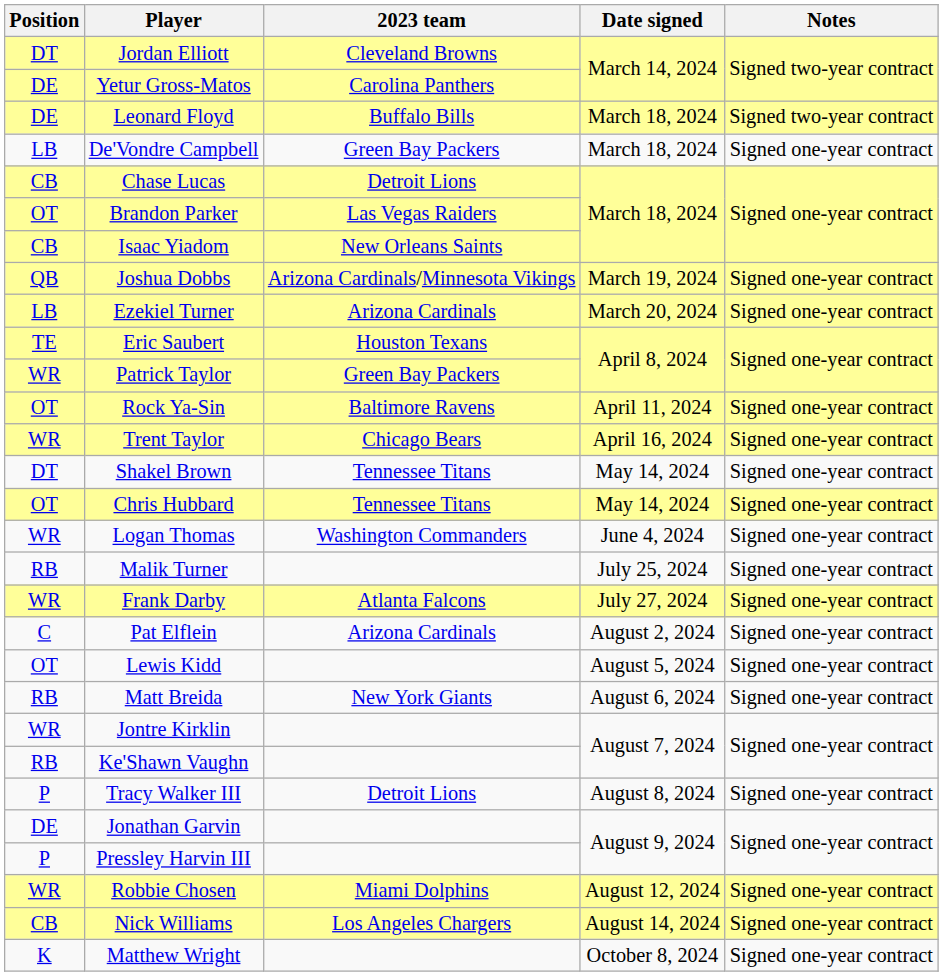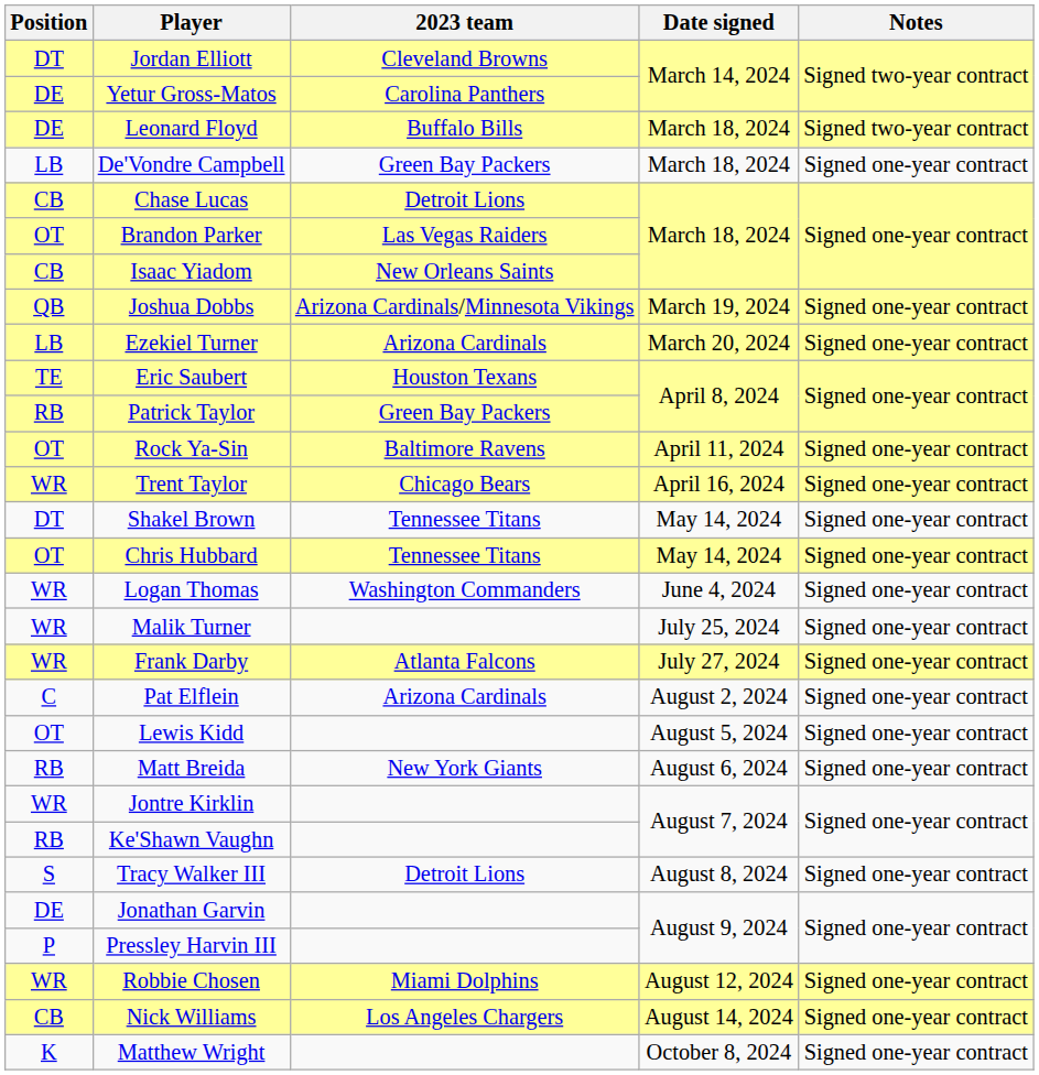 <table class="sortable wikitable" style="text-align:center">
 <tr>
 <th>Position</th>
 <th>Player</th>
 <th>2023 team</th>
 <th>Date signed</th>
 <th>Notes</th>
 </tr>
 <tr style="background:#ff9">
 <td><a href='#'>DT</a></td>
 <td><a href='#'>Jordan Elliott</a></td>
 <td><a href='#'>Cleveland Browns</a></td>
 <td rowspan="2">March 14, 2024</td>
 <td rowspan="2">Signed two-year contract</td>
 </tr>
 <tr style="background:#ff9">
 <td><a href='#'>DE</a></td>
 <td><a href='#'>Yetur Gross-Matos</a></td>
 <td><a href='#'>Carolina Panthers</a></td>
 </tr>
 <tr style="background:#ff9">
 <td><a href='#'>DE</a></td>
 <td><a href='#'>Leonard Floyd</a></td>
 <td><a href='#'>Buffalo Bills</a></td>
 <td>March 18, 2024</td>
 <td>Signed two-year contract</td>
 </tr>
 <tr style="background:#">
 <td><a href='#'>LB</a></td>
 <td><a href='#'>De'Vondre Campbell</a></td>
 <td><a href='#'>Green Bay Packers</a></td>
 <td>March 18, 2024</td>
 <td>Signed one-year contract</td>
 </tr>
 <tr style="background:#ff9">
 <td><a href='#'>CB</a></td>
 <td><a href='#'>Chase Lucas</a></td>
 <td><a href='#'>Detroit Lions</a></td>
 <td rowspan="3">March 18, 2024</td>
 <td rowspan="3">Signed one-year contract</td>
 </tr>
 <tr style="background:#ff9">
 <td><a href='#'>OT</a></td>
 <td><a href='#'>Brandon Parker</a></td>
 <td><a href='#'>Las Vegas Raiders</a></td>
 </tr>
 <tr style="background:#ff9">
 <td><a href='#'>CB</a></td>
 <td><a href='#'>Isaac Yiadom</a></td>
 <td><a href='#'>New Orleans Saints</a></td>
 </tr>
 <tr style="background:#ff9">
 <td><a href='#'>QB</a></td>
 <td><a href='#'>Joshua Dobbs</a></td>
 <td><a href='#'>Arizona Cardinals</a>/<a href='#'>Minnesota Vikings</a></td>
 <td>March 19, 2024</td>
 <td>Signed one-year contract</td>
 </tr>
 <tr style="background:#ff9">
 <td><a href='#'>LB</a></td>
 <td><a href='#'>Ezekiel Turner</a></td>
 <td><a href='#'>Arizona Cardinals</a></td>
 <td>March 20, 2024</td>
 <td>Signed one-year contract</td>
 </tr>
 <tr style="background:#ff9">
 <td><a href='#'>TE</a></td>
 <td><a href='#'>Eric Saubert</a></td>
 <td><a href='#'>Houston Texans</a></td>
 <td rowspan="2">April 8, 2024</td>
 <td rowspan="2">Signed one-year contract</td>
 </tr>
 <tr style="background:#ff9">
-<td><a href='#'>WR</a></td>
+<td><a href='#'>RB</a></td>
 <td><a href='#'>Patrick Taylor</a></td>
 <td><a href='#'>Green Bay Packers</a></td>
 </tr>
 <tr style="background:#ff9">
 <td><a href='#'>OT</a></td>
 <td><a href='#'>Rock Ya-Sin</a></td>
 <td><a href='#'>Baltimore Ravens</a></td>
 <td>April 11, 2024</td>
 <td>Signed one-year contract</td>
 </tr>
 <tr style="background:#ff9">
 <td><a href='#'>WR</a></td>
 <td><a href='#'>Trent Taylor</a></td>
 <td><a href='#'>Chicago Bears</a></td>
 <td>April 16, 2024</td>
 <td>Signed one-year contract</td>
 </tr>
 <tr style="background:">
 <td><a href='#'>DT</a></td>
 <td><a href='#'>Shakel Brown</a></td>
 <td><a href='#'>Tennessee Titans</a></td>
 <td>May 14, 2024</td>
 <td>Signed one-year contract</td>
 </tr>
 <tr style="background:#ff9">
 <td><a href='#'>OT</a></td>
 <td><a href='#'>Chris Hubbard</a></td>
 <td><a href='#'>Tennessee Titans</a></td>
 <td>May 14, 2024</td>
 <td>Signed one-year contract</td>
 </tr>
 <tr style="background:">
 <td><a href='#'>WR</a></td>
 <td><a href='#'>Logan Thomas</a></td>
 <td><a href='#'>Washington Commanders</a></td>
 <td>June 4, 2024</td>
 <td>Signed one-year contract</td>
 </tr>
 <tr style="background:">
-<td><a href='#'>RB</a></td>
+<td><a href='#'>WR</a></td>
 <td><a href='#'>Malik Turner</a></td>
 <td></td>
 <td>July 25, 2024</td>
 <td>Signed one-year contract</td>
 </tr>
 <tr style="background:#ff9">
 <td><a href='#'>WR</a></td>
 <td><a href='#'>Frank Darby</a></td>
 <td><a href='#'>Atlanta Falcons</a></td>
 <td>July 27, 2024</td>
 <td>Signed one-year contract</td>
 </tr>
 <tr>
 <td><a href='#'>C</a></td>
 <td><a href='#'>Pat Elflein</a></td>
 <td><a href='#'>Arizona Cardinals</a></td>
 <td>August 2, 2024</td>
 <td>Signed one-year contract</td>
 </tr>
 <tr>
 <td><a href='#'>OT</a></td>
 <td><a href='#'>Lewis Kidd</a></td>
 <td></td>
 <td>August 5, 2024</td>
 <td>Signed one-year contract</td>
 </tr>
 <tr>
 <td><a href='#'>RB</a></td>
 <td><a href='#'>Matt Breida</a></td>
 <td><a href='#'>New York Giants</a></td>
 <td>August 6, 2024</td>
 <td>Signed one-year contract</td>
 </tr>
 <tr>
 <td><a href='#'>WR</a></td>
 <td><a href='#'>Jontre Kirklin</a></td>
 <td></td>
 <td rowspan="2">August 7, 2024</td>
 <td rowspan="2">Signed one-year contract</td>
 </tr>
 <tr>
 <td><a href='#'>RB</a></td>
 <td><a href='#'>Ke'Shawn Vaughn</a></td>
 <td></td>
 </tr>
 <tr>
-<td><a href='#'>P</a></td>
+<td><a href='#'>S</a></td>
 <td><a href='#'>Tracy Walker III</a></td>
 <td><a href='#'>Detroit Lions</a></td>
 <td>August 8, 2024</td>
 <td>Signed one-year contract</td>
 </tr>
 <tr>
 <td><a href='#'>DE</a></td>
 <td><a href='#'>Jonathan Garvin</a></td>
 <td></td>
 <td rowspan="2">August 9, 2024</td>
 <td rowspan="2">Signed one-year contract</td>
 </tr>
 <tr>
 <td><a href='#'>P</a></td>
 <td><a href='#'>Pressley Harvin III</a></td>
 <td></td>
 </tr>
 <tr style="background:#ff9">
 <td><a href='#'>WR</a></td>
 <td><a href='#'>Robbie Chosen</a></td>
 <td><a href='#'>Miami Dolphins</a></td>
 <td>August 12, 2024</td>
 <td>Signed one-year contract</td>
 </tr>
 <tr style="background:#ff9">
 <td><a href='#'>CB</a></td>
 <td><a href='#'>Nick Williams</a></td>
 <td><a href='#'>Los Angeles Chargers</a></td>
 <td>August 14, 2024</td>
 <td>Signed one-year contract</td>
 </tr>
 <tr>
 <td><a href='#'>K</a></td>
 <td><a href='#'>Matthew Wright</a></td>
 <td></td>
 <td>October 8, 2024</td>
 <td>Signed one-year contract</td>
 </tr>
 </table>
